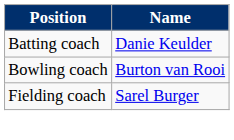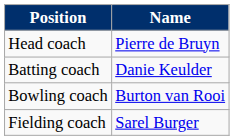 <table class="wikitable">
 <tr>
 <th style="background:#002F6C; color:white; text-align:center;">Position</th>
 <th style="background:#002F6C; color:white; text-align:center;">Name</th>
+</tr>
+<tr>
+<td>Head coach</td>
+<td><a href='#'>Pierre de Bruyn</a></td>
 </tr>
 <tr>
 <td>Batting coach</td>
 <td><a href='#'>Danie Keulder</a></td>
 </tr>
 <tr>
 <td>Bowling coach</td>
 <td><a href='#'>Burton van Rooi</a></td>
 </tr>
 <tr>
 <td>Fielding coach</td>
 <td><a href='#'>Sarel Burger</a></td>
 </tr>
 </table>
